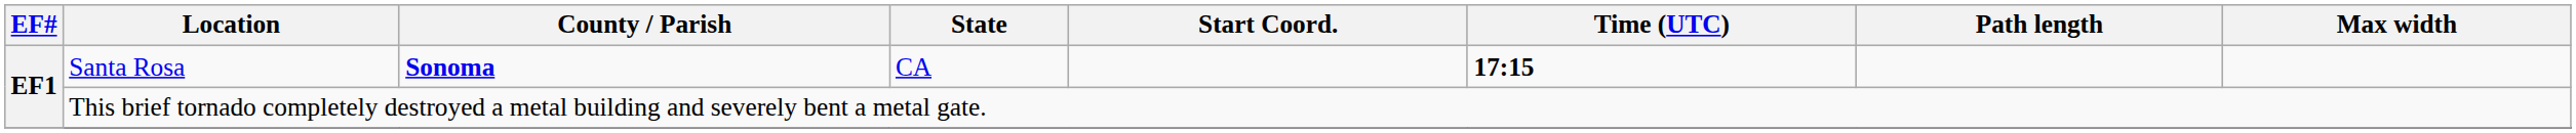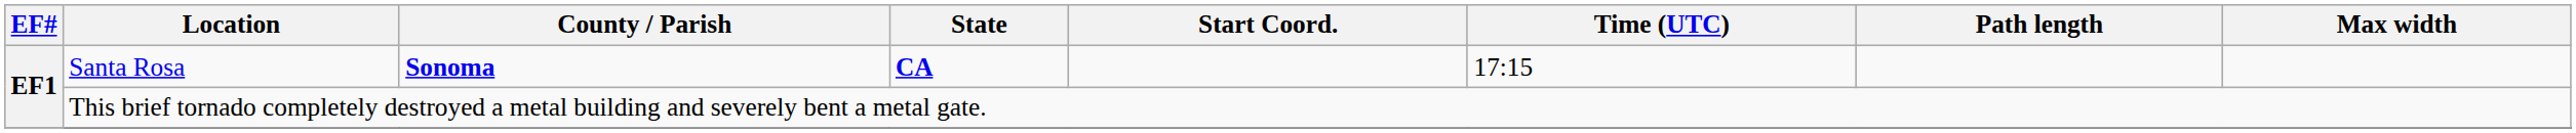 <table class="wikitable sortable" style="width:100%;">
 <tr>
 <th scope="col" width="2%" align="center"><a href='#'>EF#</a></th>
 <th scope="col" align="center" class="unsortable">Location</th>
 <th scope="col" align="center" class="unsortable">County / Parish</th>
 <th scope="col" align="center">State</th>
 <th scope="col" align="center">Start Coord.</th>
 <th scope="col" align="center">Time (<a href='#'>UTC</a>)</th>
 <th scope="col" align="center">Path length</th>
 <th scope="col" align="center">Max width</th>
 </tr>
 <tr>
 <th scope="row" rowspan="2" style="background-color:#">EF1</th>
 <td><a href='#'>Santa Rosa</a></td>
 <td><strong><a href='#'>Sonoma</a></strong></td>
-<td><a href='#'>CA</a></td>
+<td><strong><a href='#'>CA</a></strong></td>
 <td></td>
-<td><strong>17:15</strong></td>
+<td>17:15</td>
 <td></td>
 <td></td>
 </tr>
 <tr class="expand-child">
 <td colspan="8" style=" border-bottom: 1px solid black;">This brief tornado completely destroyed a metal building and severely bent a metal gate.</td>
 </tr>
 <tr>
 </tr>
 </table>
